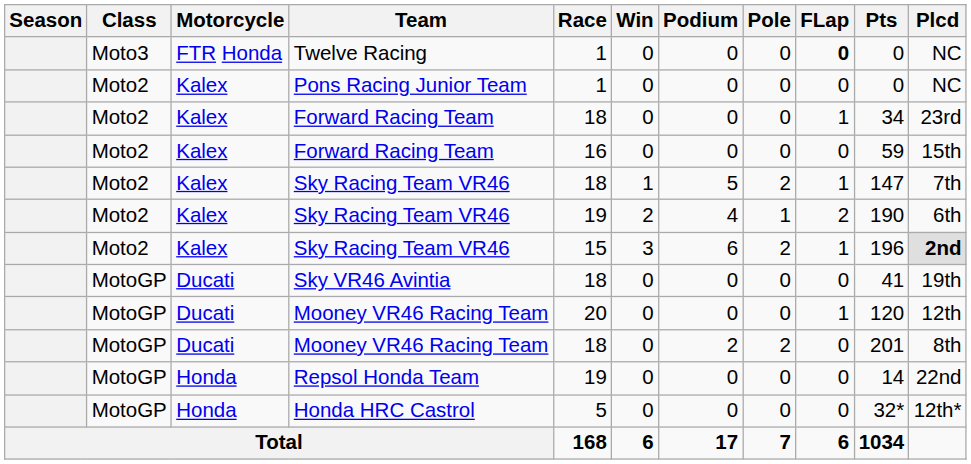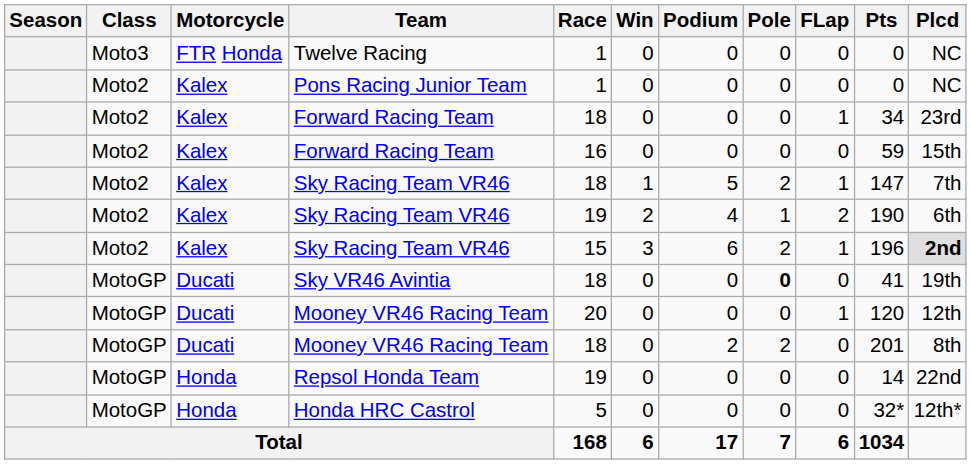 <table class="wikitable" style="text-align:right;">
 <tr>
 <th>Season</th>
 <th>Class</th>
 <th>Motorcycle</th>
 <th>Team</th>
 <th>Race</th>
 <th>Win</th>
 <th>Podium</th>
 <th>Pole</th>
 <th>FLap</th>
 <th>Pts</th>
 <th>Plcd</th>
 </tr>
 <tr>
 <th></th>
 <td style="text-align:left;">Moto3</td>
 <td style="text-align:left;"><a href='#'>FTR</a> <a href='#'>Honda</a></td>
 <td style="text-align:left;">Twelve Racing</td>
 <td>1</td>
 <td>0</td>
 <td>0</td>
 <td>0</td>
-<td><strong>0</strong></td>
+<td>0</td>
 <td>0</td>
 <td>NC</td>
 </tr>
 <tr>
 <th></th>
 <td style="text-align:left;">Moto2</td>
 <td style="text-align:left;"><a href='#'>Kalex</a></td>
 <td style="text-align:left;"><a href='#'>Pons Racing Junior Team</a></td>
 <td>1</td>
 <td>0</td>
 <td>0</td>
 <td>0</td>
 <td>0</td>
 <td>0</td>
 <td>NC</td>
 </tr>
 <tr>
 <th></th>
 <td style="text-align:left;">Moto2</td>
 <td style="text-align:left;"><a href='#'>Kalex</a></td>
 <td style="text-align:left;"><a href='#'>Forward Racing Team</a></td>
 <td>18</td>
 <td>0</td>
 <td>0</td>
 <td>0</td>
 <td>1</td>
 <td>34</td>
 <td>23rd</td>
 </tr>
 <tr>
 <th></th>
 <td style="text-align:left;">Moto2</td>
 <td style="text-align:left;"><a href='#'>Kalex</a></td>
 <td style="text-align:left;"><a href='#'>Forward Racing Team</a></td>
 <td>16</td>
 <td>0</td>
 <td>0</td>
 <td>0</td>
 <td>0</td>
 <td>59</td>
 <td>15th</td>
 </tr>
 <tr>
 <th></th>
 <td style="text-align:left;">Moto2</td>
 <td style="text-align:left;"><a href='#'>Kalex</a></td>
 <td style="text-align:left;"><a href='#'>Sky Racing Team VR46</a></td>
 <td>18</td>
 <td>1</td>
 <td>5</td>
 <td>2</td>
 <td>1</td>
 <td>147</td>
 <td>7th</td>
 </tr>
 <tr>
 <th></th>
 <td style="text-align:left;">Moto2</td>
 <td style="text-align:left;"><a href='#'>Kalex</a></td>
 <td style="text-align:left;"><a href='#'>Sky Racing Team VR46</a></td>
 <td>19</td>
 <td>2</td>
 <td>4</td>
 <td>1</td>
 <td>2</td>
 <td>190</td>
 <td>6th</td>
 </tr>
 <tr>
 <th></th>
 <td style="text-align:left;">Moto2</td>
 <td style="text-align:left;"><a href='#'>Kalex</a></td>
 <td style="text-align:left;"><a href='#'>Sky Racing Team VR46</a></td>
 <td>15</td>
 <td>3</td>
 <td>6</td>
 <td>2</td>
 <td>1</td>
 <td>196</td>
 <td style="background:#DFDFDF;"><strong>2nd</strong></td>
 </tr>
 <tr>
 <th></th>
 <td style="text-align:left;">MotoGP</td>
 <td style="text-align:left;"><a href='#'>Ducati</a></td>
 <td style="text-align:left;"><a href='#'>Sky VR46 Avintia</a></td>
 <td>18</td>
 <td>0</td>
 <td>0</td>
-<td>0</td>
+<td><strong>0</strong></td>
 <td>0</td>
 <td>41</td>
 <td>19th</td>
 </tr>
 <tr>
 <th></th>
 <td style="text-align:left;">MotoGP</td>
 <td style="text-align:left;"><a href='#'>Ducati</a></td>
 <td style="text-align:left;"><a href='#'>Mooney VR46 Racing Team</a></td>
 <td>20</td>
 <td>0</td>
 <td>0</td>
 <td>0</td>
 <td>1</td>
 <td>120</td>
 <td>12th</td>
 </tr>
 <tr>
 <th></th>
 <td style="text-align:left;">MotoGP</td>
 <td style="text-align:left;"><a href='#'>Ducati</a></td>
 <td style="text-align:left;"><a href='#'>Mooney VR46 Racing Team</a></td>
 <td>18</td>
 <td>0</td>
 <td>2</td>
 <td>2</td>
 <td>0</td>
 <td>201</td>
 <td>8th</td>
 </tr>
 <tr>
 <th></th>
 <td style="text-align:left;">MotoGP</td>
 <td style="text-align:left;"><a href='#'>Honda</a></td>
 <td style="text-align:left;"><a href='#'>Repsol Honda Team</a></td>
 <td>19</td>
 <td>0</td>
 <td>0</td>
 <td>0</td>
 <td>0</td>
 <td>14</td>
 <td>22nd</td>
 </tr>
 <tr>
 <th></th>
 <td style="text-align:left;">MotoGP</td>
 <td style="text-align:left;"><a href='#'>Honda</a></td>
 <td style="text-align:left;"><a href='#'>Honda HRC Castrol</a></td>
 <td>5</td>
 <td>0</td>
 <td>0</td>
 <td>0</td>
 <td>0</td>
 <td>32*</td>
 <td>12th*</td>
 </tr>
 <tr>
 <th colspan="4">Total</th>
 <td><strong>168</strong></td>
 <td><strong>6</strong></td>
 <td><strong>17</strong></td>
 <td><strong>7</strong></td>
 <td><strong>6</strong></td>
 <td><strong>1034</strong></td>
 <td></td>
 </tr>
 </table>
